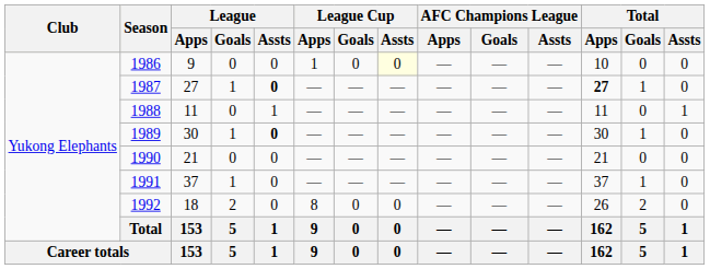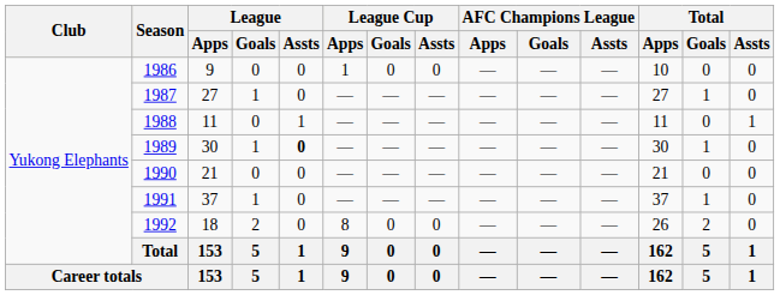 <table class="wikitable" style="text-align:center">
 <tr style="background:beige">
 <th rowspan="2">Club</th>
 <th rowspan="2">Season</th>
 <th colspan="3">League</th>
 <th colspan="3">League Cup</th>
 <th colspan="3">AFC Champions League</th>
 <th colspan="3">Total</th>
 </tr>
 <tr>
 <th>Apps</th>
 <th>Goals</th>
 <th>Assts</th>
 <th>Apps</th>
 <th>Goals</th>
 <th>Assts</th>
 <th>Apps</th>
 <th>Goals</th>
 <th>Assts</th>
 <th>Apps</th>
 <th>Goals</th>
 <th>Assts</th>
 </tr>
 <tr>
 <td rowspan="8"><a href='#'>Yukong Elephants</a></td>
 <td><a href='#'>1986</a></td>
 <td>9</td>
 <td>0</td>
 <td>0</td>
 <td>1</td>
 <td>0</td>
-<td style="background: lightyellow;">0</td>
+<td>0</td>
 <td>—</td>
 <td>—</td>
 <td>—</td>
 <td>10</td>
 <td>0</td>
 <td>0</td>
 </tr>
 <tr>
 <td><a href='#'>1987</a></td>
 <td>27</td>
 <td>1</td>
-<td><strong>0</strong></td>
+<td>0</td>
 <td>—</td>
 <td>—</td>
 <td>—</td>
 <td>—</td>
 <td>—</td>
 <td>—</td>
-<td><strong>27</strong></td>
+<td>27</td>
 <td>1</td>
 <td>0</td>
 </tr>
 <tr>
 <td><a href='#'>1988</a></td>
 <td>11</td>
 <td>0</td>
 <td>1</td>
 <td>—</td>
 <td>—</td>
 <td>—</td>
 <td>—</td>
 <td>—</td>
 <td>—</td>
 <td>11</td>
 <td>0</td>
 <td>1</td>
 </tr>
 <tr>
 <td><a href='#'>1989</a></td>
 <td>30</td>
 <td>1</td>
 <td><strong>0</strong></td>
 <td>—</td>
 <td>—</td>
 <td>—</td>
 <td>—</td>
 <td>—</td>
 <td>—</td>
 <td>30</td>
 <td>1</td>
 <td>0</td>
 </tr>
 <tr>
 <td><a href='#'>1990</a></td>
 <td>21</td>
 <td>0</td>
 <td>0</td>
 <td>—</td>
 <td>—</td>
 <td>—</td>
 <td>—</td>
 <td>—</td>
 <td>—</td>
 <td>21</td>
 <td>0</td>
 <td>0</td>
 </tr>
 <tr>
 <td><a href='#'>1991</a></td>
 <td>37</td>
 <td>1</td>
 <td>0</td>
 <td>—</td>
 <td>—</td>
 <td>—</td>
 <td>—</td>
 <td>—</td>
 <td>—</td>
 <td>37</td>
 <td>1</td>
 <td>0</td>
 </tr>
 <tr>
 <td><a href='#'>1992</a></td>
 <td>18</td>
 <td>2</td>
 <td>0</td>
 <td>8</td>
 <td>0</td>
 <td>0</td>
 <td>—</td>
 <td>—</td>
 <td>—</td>
 <td>26</td>
 <td>2</td>
 <td>0</td>
 </tr>
 <tr>
 <th>Total</th>
 <th>153</th>
 <th>5</th>
 <th>1</th>
 <th>9</th>
 <th>0</th>
 <th>0</th>
 <th>—</th>
 <th>—</th>
 <th>—</th>
 <th>162</th>
 <th>5</th>
 <th>1</th>
 </tr>
 <tr>
 <th colspan="2">Career totals</th>
 <th>153</th>
 <th>5</th>
 <th>1</th>
 <th>9</th>
 <th>0</th>
 <th>0</th>
 <th>—</th>
 <th>—</th>
 <th>—</th>
 <th>162</th>
 <th>5</th>
 <th>1</th>
 </tr>
 </table>
